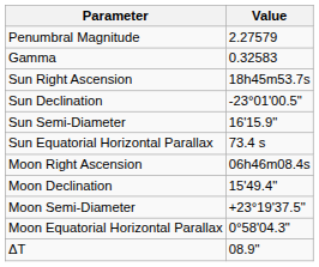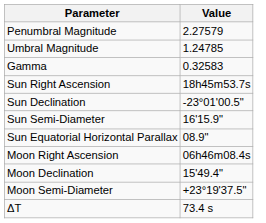 <table class="wikitable">
 <tr>
 <th>Parameter</th>
 <th>Value</th>
 </tr>
 <tr>
 <td>Penumbral Magnitude</td>
 <td>2.27579</td>
+</tr>
+<tr>
+<td>Umbral Magnitude</td>
+<td>1.24785</td>
 </tr>
 <tr>
 <td>Gamma</td>
 <td>0.32583</td>
 </tr>
 <tr>
 <td>Sun Right Ascension</td>
 <td>18h45m53.7s</td>
 </tr>
 <tr>
 <td>Sun Declination</td>
 <td>-23°01'00.5"</td>
 </tr>
 <tr>
 <td>Sun Semi-Diameter</td>
 <td>16'15.9"</td>
 </tr>
 <tr>
 <td>Sun Equatorial Horizontal Parallax</td>
-<td>73.4 s</td>
+<td>08.9"</td>
 </tr>
 <tr>
 <td>Moon Right Ascension</td>
 <td>06h46m08.4s</td>
 </tr>
 <tr>
 <td>Moon Declination</td>
 <td>15'49.4"</td>
 </tr>
 <tr>
 <td>Moon Semi-Diameter</td>
 <td>+23°19'37.5"</td>
 </tr>
 <tr>
-<td>Moon Equatorial Horizontal Parallax</td>
-<td>0°58'04.3"</td>
-</tr>
-<tr>
 <td>ΔT</td>
-<td>08.9"</td>
+<td>73.4 s</td>
 </tr>
 </table>
